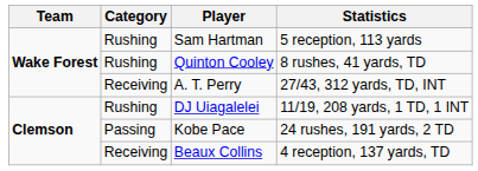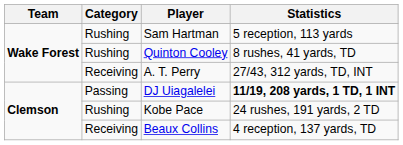 <table class="wikitable" style="float: right;">
 <tr>
 <th>Team</th>
 <th>Category</th>
 <th>Player</th>
 <th>Statistics</th>
 </tr>
 <tr>
 <td rowspan=3><strong>Wake Forest</strong></td>
 <td>Rushing</td>
 <td>Sam Hartman</td>
 <td>5 reception, 113 yards</td>
 </tr>
 <tr>
 <td>Rushing</td>
 <td><a href='#'>Quinton Cooley</a></td>
 <td>8 rushes, 41 yards, TD</td>
 </tr>
 <tr>
 <td>Receiving</td>
 <td>A. T. Perry</td>
 <td>27/43, 312 yards, TD, INT</td>
 </tr>
 <tr>
 <td rowspan=3><strong>Clemson</strong></td>
-<td>Rushing</td>
+<td>Passing</td>
 <td><a href='#'>DJ Uiagalelei</a></td>
-<td>11/19, 208 yards, 1 TD, 1 INT</td>
+<td><strong>11/19, 208 yards, 1 TD, 1 INT</strong></td>
 </tr>
 <tr>
-<td>Passing</td>
+<td>Rushing</td>
 <td>Kobe Pace</td>
 <td>24 rushes, 191 yards, 2 TD</td>
 </tr>
 <tr>
 <td>Receiving</td>
 <td><a href='#'>Beaux Collins</a></td>
 <td>4 reception, 137 yards, TD</td>
 </tr>
 </table>
